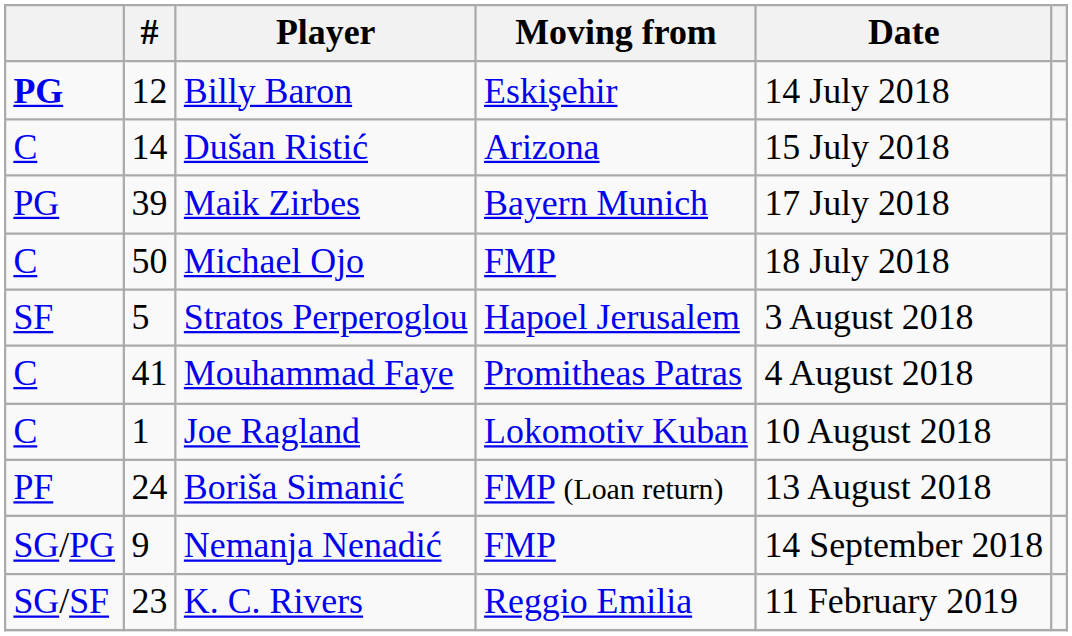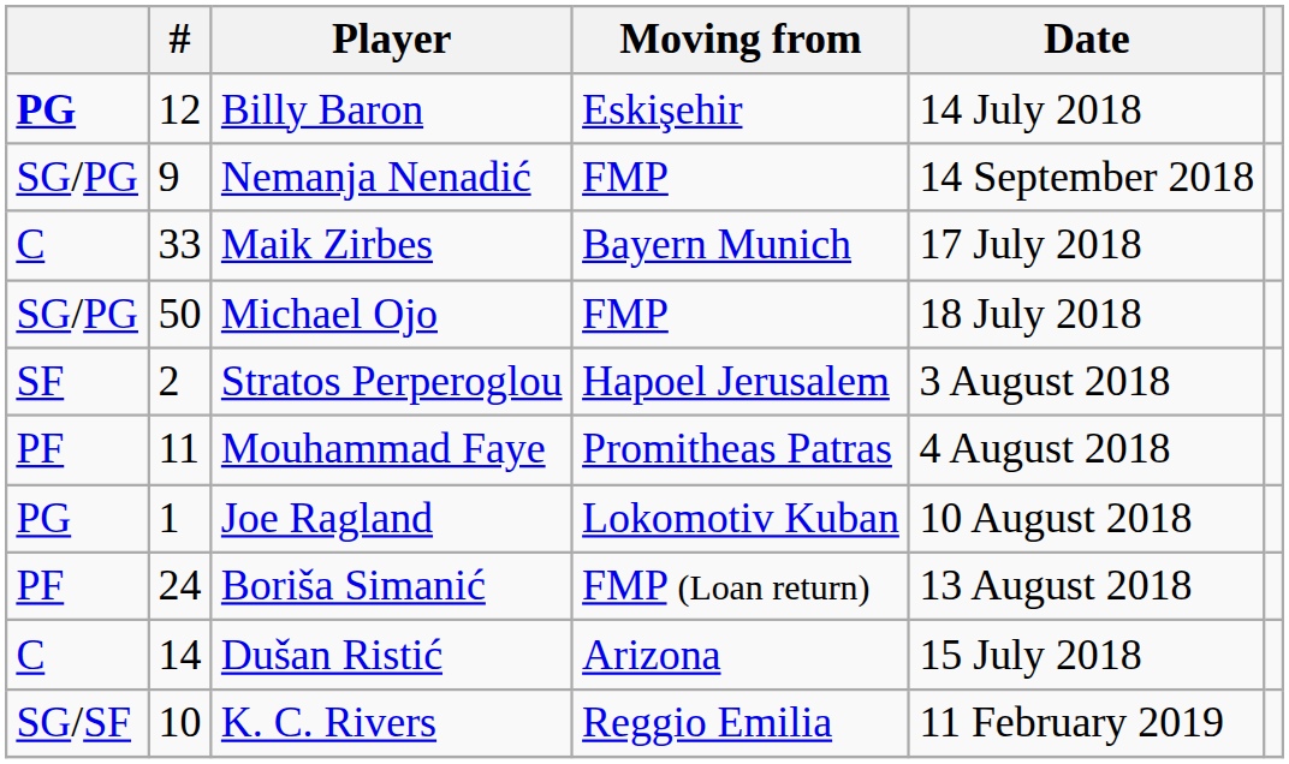 <table class="wikitable sortable" style="text-align: left;">
 <tr>
 <th></th>
 <th>#</th>
 <th>Player</th>
 <th>Moving from</th>
 <th>Date</th>
 <th></th>
 </tr>
 <tr>
 <td><strong><a href='#'>PG</a></strong></td>
 <td>12</td>
 <td> <a href='#'>Billy Baron</a></td>
 <td> <a href='#'>Eskişehir</a></td>
 <td>14 July 2018</td>
 <td></td>
 </tr>
 <tr>
-<td><a href='#'>C</a></td>
-<td>14</td>
-<td> <a href='#'>Dušan Ristić</a></td>
-<td> <a href='#'>Arizona</a></td>
-<td>15 July 2018</td>
+<td><a href='#'>SG</a>/<a href='#'>PG</a></td>
+<td>9</td>
+<td> <a href='#'>Nemanja Nenadić</a></td>
+<td> <a href='#'>FMP</a></td>
+<td>14 September 2018</td>
 <td></td>
 </tr>
 <tr>
-<td><a href='#'>PG</a></td>
-<td>39</td>
+<td><a href='#'>C</a></td>
+<td>33</td>
 <td> <a href='#'>Maik Zirbes</a></td>
 <td> <a href='#'>Bayern Munich</a></td>
 <td>17 July 2018</td>
 <td></td>
 </tr>
 <tr>
-<td><a href='#'>C</a></td>
+<td><a href='#'>SG</a>/<a href='#'>PG</a></td>
 <td>50</td>
 <td> <a href='#'>Michael Ojo</a></td>
 <td> <a href='#'>FMP</a></td>
 <td>18 July 2018</td>
 <td></td>
 </tr>
 <tr>
 <td><a href='#'>SF</a></td>
-<td>5</td>
+<td>2</td>
 <td> <a href='#'>Stratos Perperoglou</a></td>
 <td> <a href='#'>Hapoel Jerusalem</a></td>
 <td>3 August 2018</td>
 <td></td>
 </tr>
 <tr>
-<td><a href='#'>C</a></td>
-<td>41</td>
+<td><a href='#'>PF</a></td>
+<td>11</td>
 <td> <a href='#'>Mouhammad Faye</a></td>
 <td> <a href='#'>Promitheas Patras</a></td>
 <td>4 August 2018</td>
 <td></td>
 </tr>
 <tr>
-<td><a href='#'>C</a></td>
+<td><a href='#'>PG</a></td>
 <td>1</td>
 <td> <a href='#'>Joe Ragland</a></td>
 <td> <a href='#'>Lokomotiv Kuban</a></td>
 <td>10 August 2018</td>
 <td></td>
 </tr>
 <tr>
 <td><a href='#'>PF</a></td>
 <td>24</td>
 <td> <a href='#'>Boriša Simanić</a></td>
 <td> <a href='#'>FMP</a> <small>(Loan return)</small></td>
 <td>13 August 2018</td>
 <td></td>
 </tr>
 <tr>
-<td><a href='#'>SG</a>/<a href='#'>PG</a></td>
-<td>9</td>
-<td> <a href='#'>Nemanja Nenadić</a></td>
-<td> <a href='#'>FMP</a></td>
-<td>14 September 2018</td>
+<td><a href='#'>C</a></td>
+<td>14</td>
+<td> <a href='#'>Dušan Ristić</a></td>
+<td> <a href='#'>Arizona</a></td>
+<td>15 July 2018</td>
 <td></td>
 </tr>
 <tr>
 <td><a href='#'>SG</a>/<a href='#'>SF</a></td>
-<td>23</td>
+<td>10</td>
 <td> <a href='#'>K. C. Rivers</a></td>
 <td> <a href='#'>Reggio Emilia</a></td>
 <td>11 February 2019</td>
 <td></td>
 </tr>
 <tr>
 </tr>
 </table>
